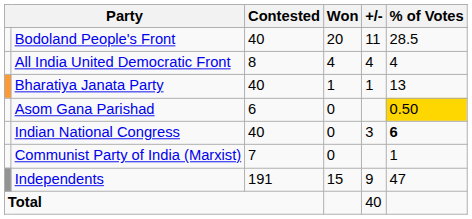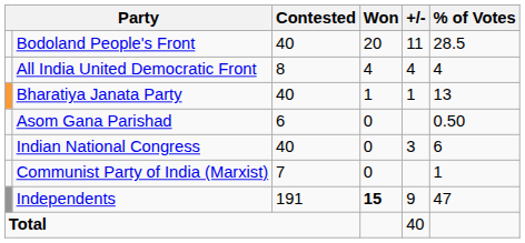 <table class="wikitable Sortable" border="2">
 <tr>
 <th Colspan=2>Party</th>
 <th>Contested</th>
 <th>Won</th>
 <th>+/-</th>
 <th>% of Votes</th>
 </tr>
 <tr>
 <td bgcolor=></td>
 <td><a href='#'>Bodoland People's Front</a></td>
 <td>40</td>
 <td>20</td>
 <td>11</td>
 <td>28.5</td>
 </tr>
 <tr>
 <td bgcolor=></td>
 <td><a href='#'>All India United Democratic Front</a></td>
 <td>8</td>
 <td>4</td>
 <td>4</td>
 <td>4</td>
 </tr>
 <tr>
 <td bgcolor=#FF9933></td>
 <td><a href='#'>Bharatiya Janata Party</a></td>
 <td>40</td>
 <td>1</td>
 <td>1</td>
 <td>13</td>
 </tr>
 <tr>
 <td style="background-color:"></td>
 <td><a href='#'>Asom Gana Parishad</a></td>
 <td>6</td>
 <td>0</td>
 <td></td>
-<td style="background: gold;">0.50</td>
+<td>0.50</td>
 </tr>
 <tr>
 <td style="background-color:"></td>
 <td><a href='#'>Indian National Congress</a></td>
 <td>40</td>
 <td>0</td>
 <td>3</td>
-<td><strong>6</strong></td>
+<td>6</td>
 </tr>
 <tr>
 <td style="background-color:"></td>
 <td><a href='#'>Communist Party of India (Marxist)</a></td>
 <td>7</td>
 <td>0</td>
 <td></td>
 <td>1</td>
 </tr>
 <tr>
 <td bgcolor=#939393></td>
 <td><a href='#'>Independents</a></td>
 <td>191</td>
-<td>15</td>
+<td><strong>15</strong></td>
 <td>9</td>
 <td>47</td>
 </tr>
 <tr>
 <td colspan=3><strong>Total</strong></td>
 <td></td>
 <td>40</td>
 <td></td>
 </tr>
 </table>
